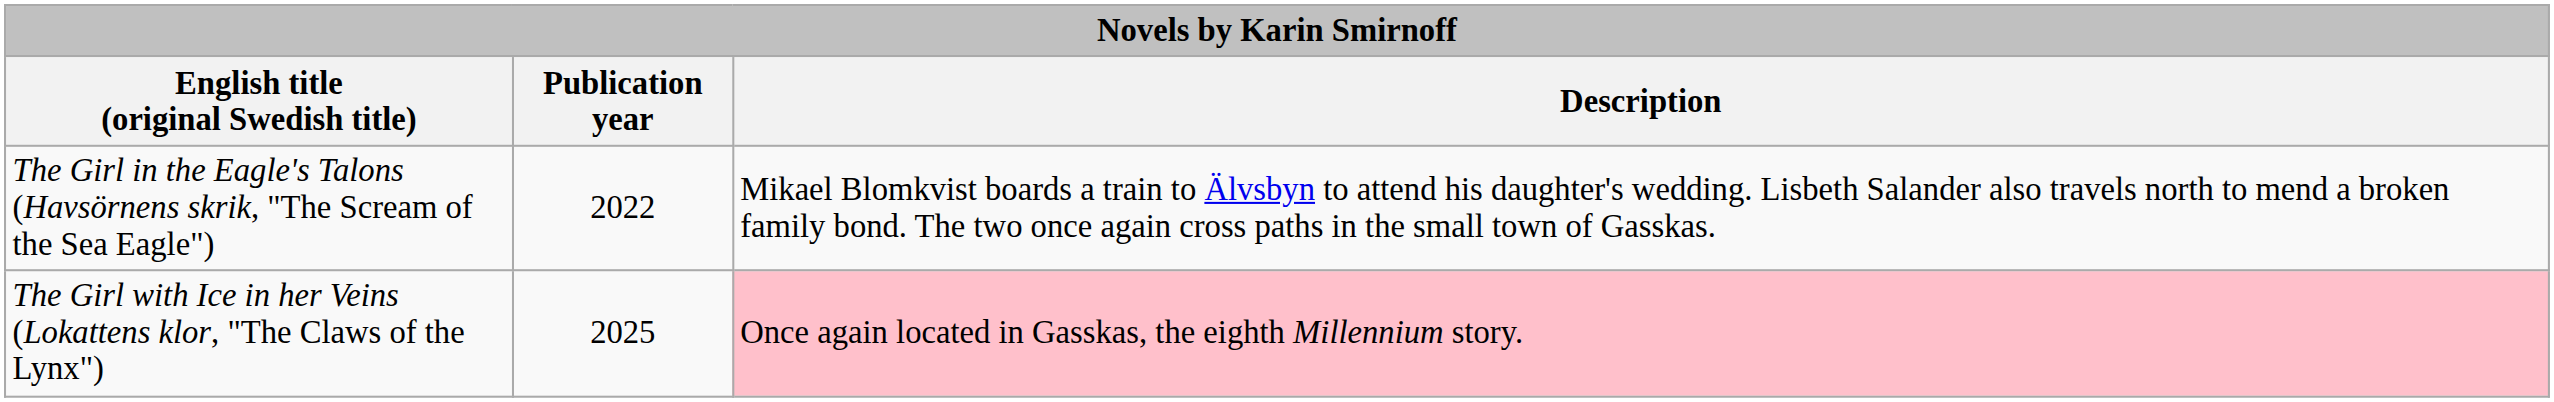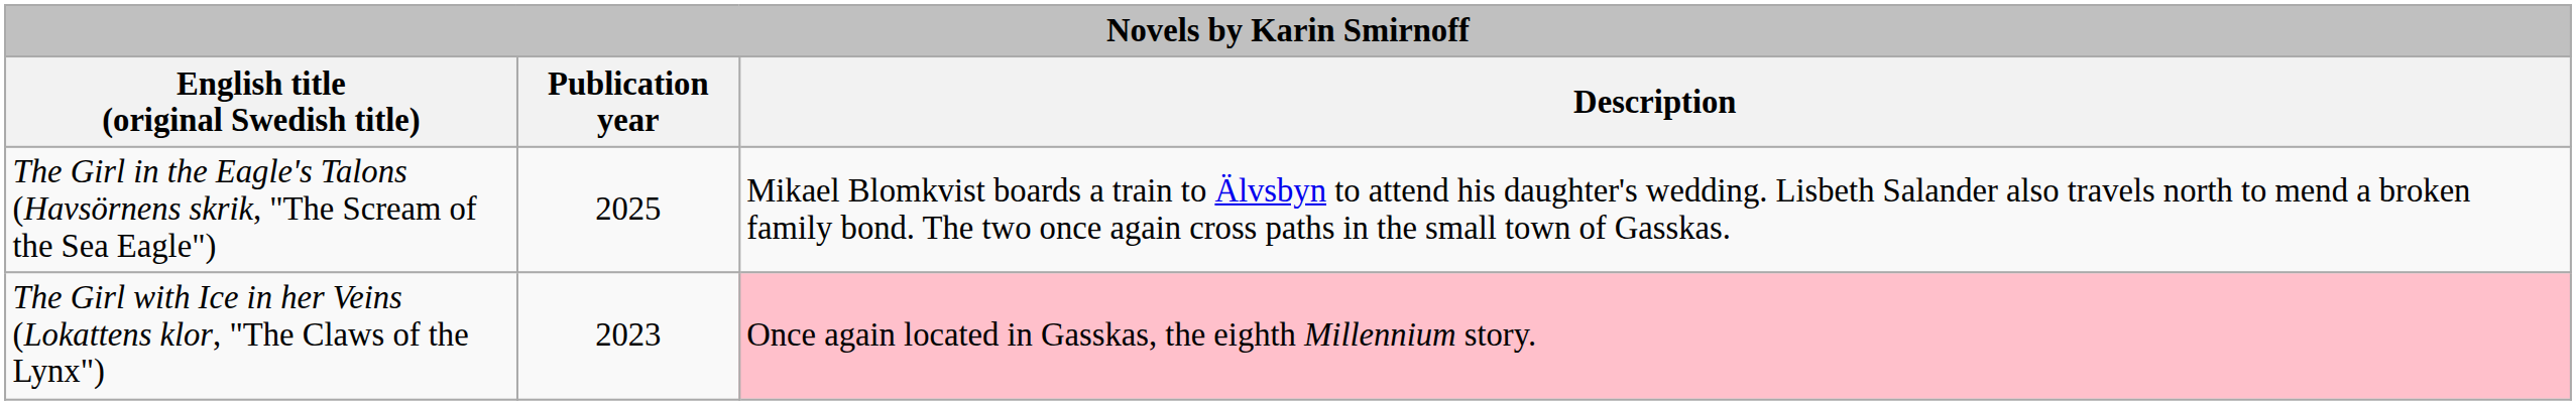 <table class="wikitable">
 <tr style="text-align:left;">
 <th colspan="3" style="background:#C0C0C0;">Novels by Karin Smirnoff</th>
 </tr>
 <tr>
 <th>English title<br>(original Swedish title)</th>
 <th>Publication year</th>
 <th>Description</th>
 </tr>
 <tr>
 <td><em>The Girl in the Eagle's Talons</em><br>(<em>Havsörnens skrik</em>, "The Scream of the Sea Eagle")</td>
-<td style="text-align:center">2022</td>
+<td style="text-align:center">2025</td>
 <td>Mikael Blomkvist boards a train to <a href='#'>Älvsbyn</a> to attend his daughter's wedding. Lisbeth Salander also travels north to mend a broken family bond. The two once again cross paths in the small town of Gasskas.</td>
 </tr>
 <tr>
 <td><em>The Girl with Ice in her Veins</em><br>(<em>Lokattens klor</em>, "The Claws of the Lynx")</td>
-<td style="text-align:center">2025</td>
+<td style="text-align:center">2023</td>
 <td style="background: pink;">Once again located in Gasskas, the eighth <em>Millennium</em> story.</td>
 </tr>
 </table>
